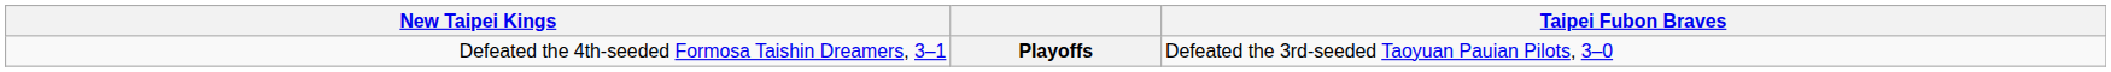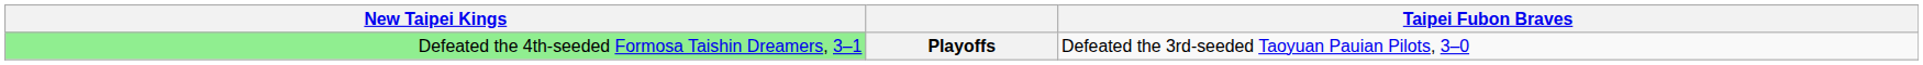 <table style="width:100%; font-size:90%" class="wikitable">
 <tr valign=top>
 <th style="width:45%;"><a href='#'>New Taipei Kings</a></th>
 <th colspan="2"></th>
 <th style="width:45%;"><a href='#'>Taipei Fubon Braves</a></th>
 </tr>
 <tr>
-<td align=right>Defeated the 4th-seeded <a href='#'>Formosa Taishin Dreamers</a>, <a href='#'>3–1</a></td>
+<td align=right style="background: lightgreen;">Defeated the 4th-seeded <a href='#'>Formosa Taishin Dreamers</a>, <a href='#'>3–1</a></td>
 <th colspan=2>Playoffs</th>
 <td align=left>Defeated the 3rd-seeded <a href='#'>Taoyuan Pauian Pilots</a>, <a href='#'>3–0</a></td>
 </tr>
 </table>
